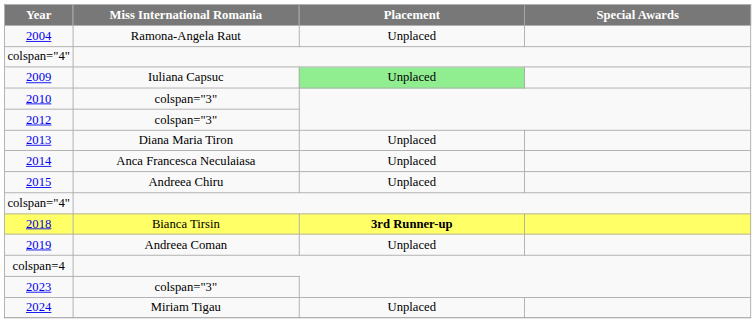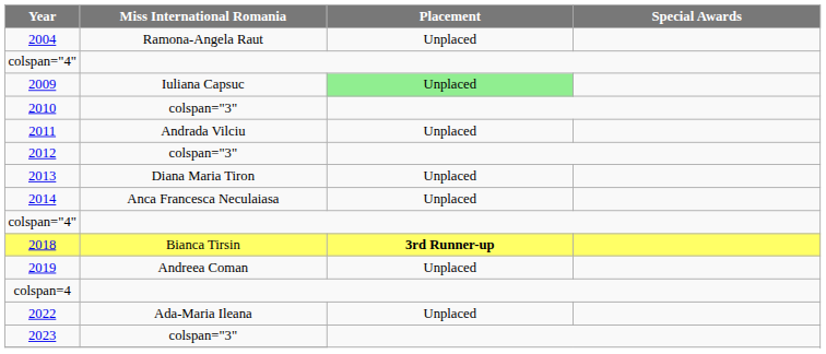 <table class="wikitable sortable" style="font-size: 90%; text-align:center">
 <tr>
 <th width="60" style="background-color:#787878;color:#FFFFFF;">Year</th>
 <th width="250" style="background-color:#787878;color:#FFFFFF;">Miss International Romania</th>
 <th width="250" style="background-color:#787878;color:#FFFFFF;">Placement</th>
 <th width="250" style="background-color:#787878;color:#FFFFFF;">Special Awards</th>
 </tr>
 <tr>
 <td><a href='#'>2004</a></td>
 <td>Ramona-Angela Raut</td>
 <td>Unplaced</td>
 <td></td>
 </tr>
 <tr>
 <td>colspan="4" </td>
 </tr>
 <tr>
 <td><a href='#'>2009</a></td>
 <td>Iuliana Capsuc</td>
 <td style="background: lightgreen;">Unplaced</td>
 <td></td>
 </tr>
 <tr>
 <td><a href='#'>2010</a></td>
 <td>colspan="3" </td>
 </tr>
 <tr>
+<td><a href='#'>2011</a></td>
+<td>Andrada Vilciu</td>
+<td>Unplaced</td>
+<td></td>
+</tr>
+<tr>
 <td><a href='#'>2012</a></td>
 <td>colspan="3" </td>
 </tr>
 <tr>
 <td><a href='#'>2013</a></td>
 <td>Diana Maria Tiron</td>
 <td>Unplaced</td>
 <td></td>
 </tr>
 <tr>
 <td><a href='#'>2014</a></td>
 <td>Anca Francesca Neculaiasa</td>
-<td>Unplaced</td>
-<td></td>
-</tr>
-<tr>
-<td><a href='#'>2015</a></td>
-<td>Andreea Chiru</td>
 <td>Unplaced</td>
 <td></td>
 </tr>
 <tr>
 <td>colspan="4" </td>
 </tr>
 <tr style="background:#FFFF66;">
 <td><a href='#'>2018</a></td>
 <td>Bianca Tirsin</td>
 <td><strong>3rd Runner-up</strong></td>
 <td></td>
 </tr>
 <tr>
 <td><a href='#'>2019</a></td>
 <td>Andreea Coman</td>
 <td>Unplaced</td>
 <td></td>
 </tr>
 <tr>
 <td>colspan=4 </td>
 </tr>
 <tr>
+<td><a href='#'>2022</a></td>
+<td>Ada-Maria Ileana</td>
+<td>Unplaced</td>
+<td></td>
+</tr>
+<tr>
 <td><a href='#'>2023</a></td>
 <td>colspan="3" </td>
 </tr>
 <tr>
-<td><a href='#'>2024</a></td>
-<td>Miriam Tigau</td>
-<td>Unplaced</td>
-<td></td>
-</tr>
-<tr>
 </tr>
 </table>
